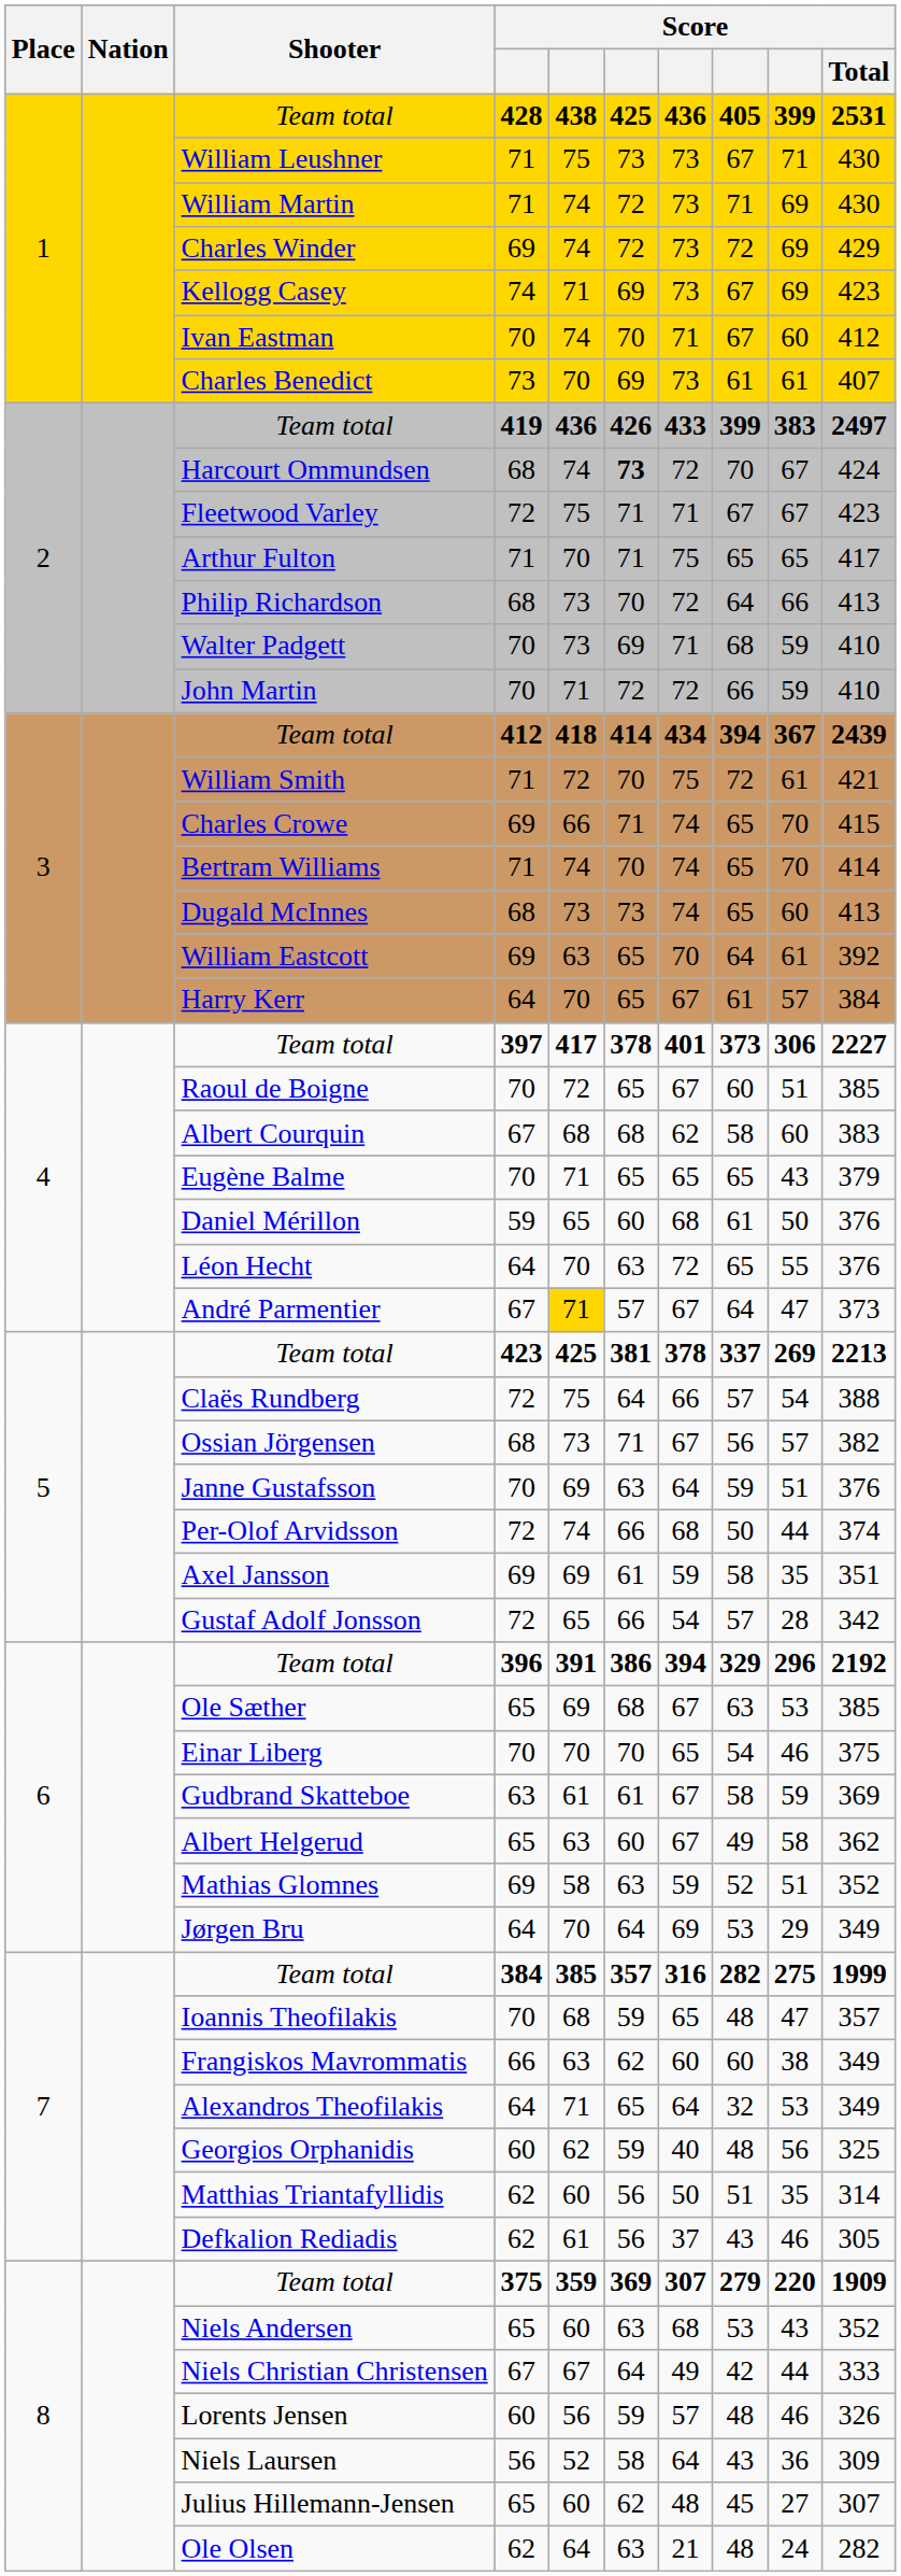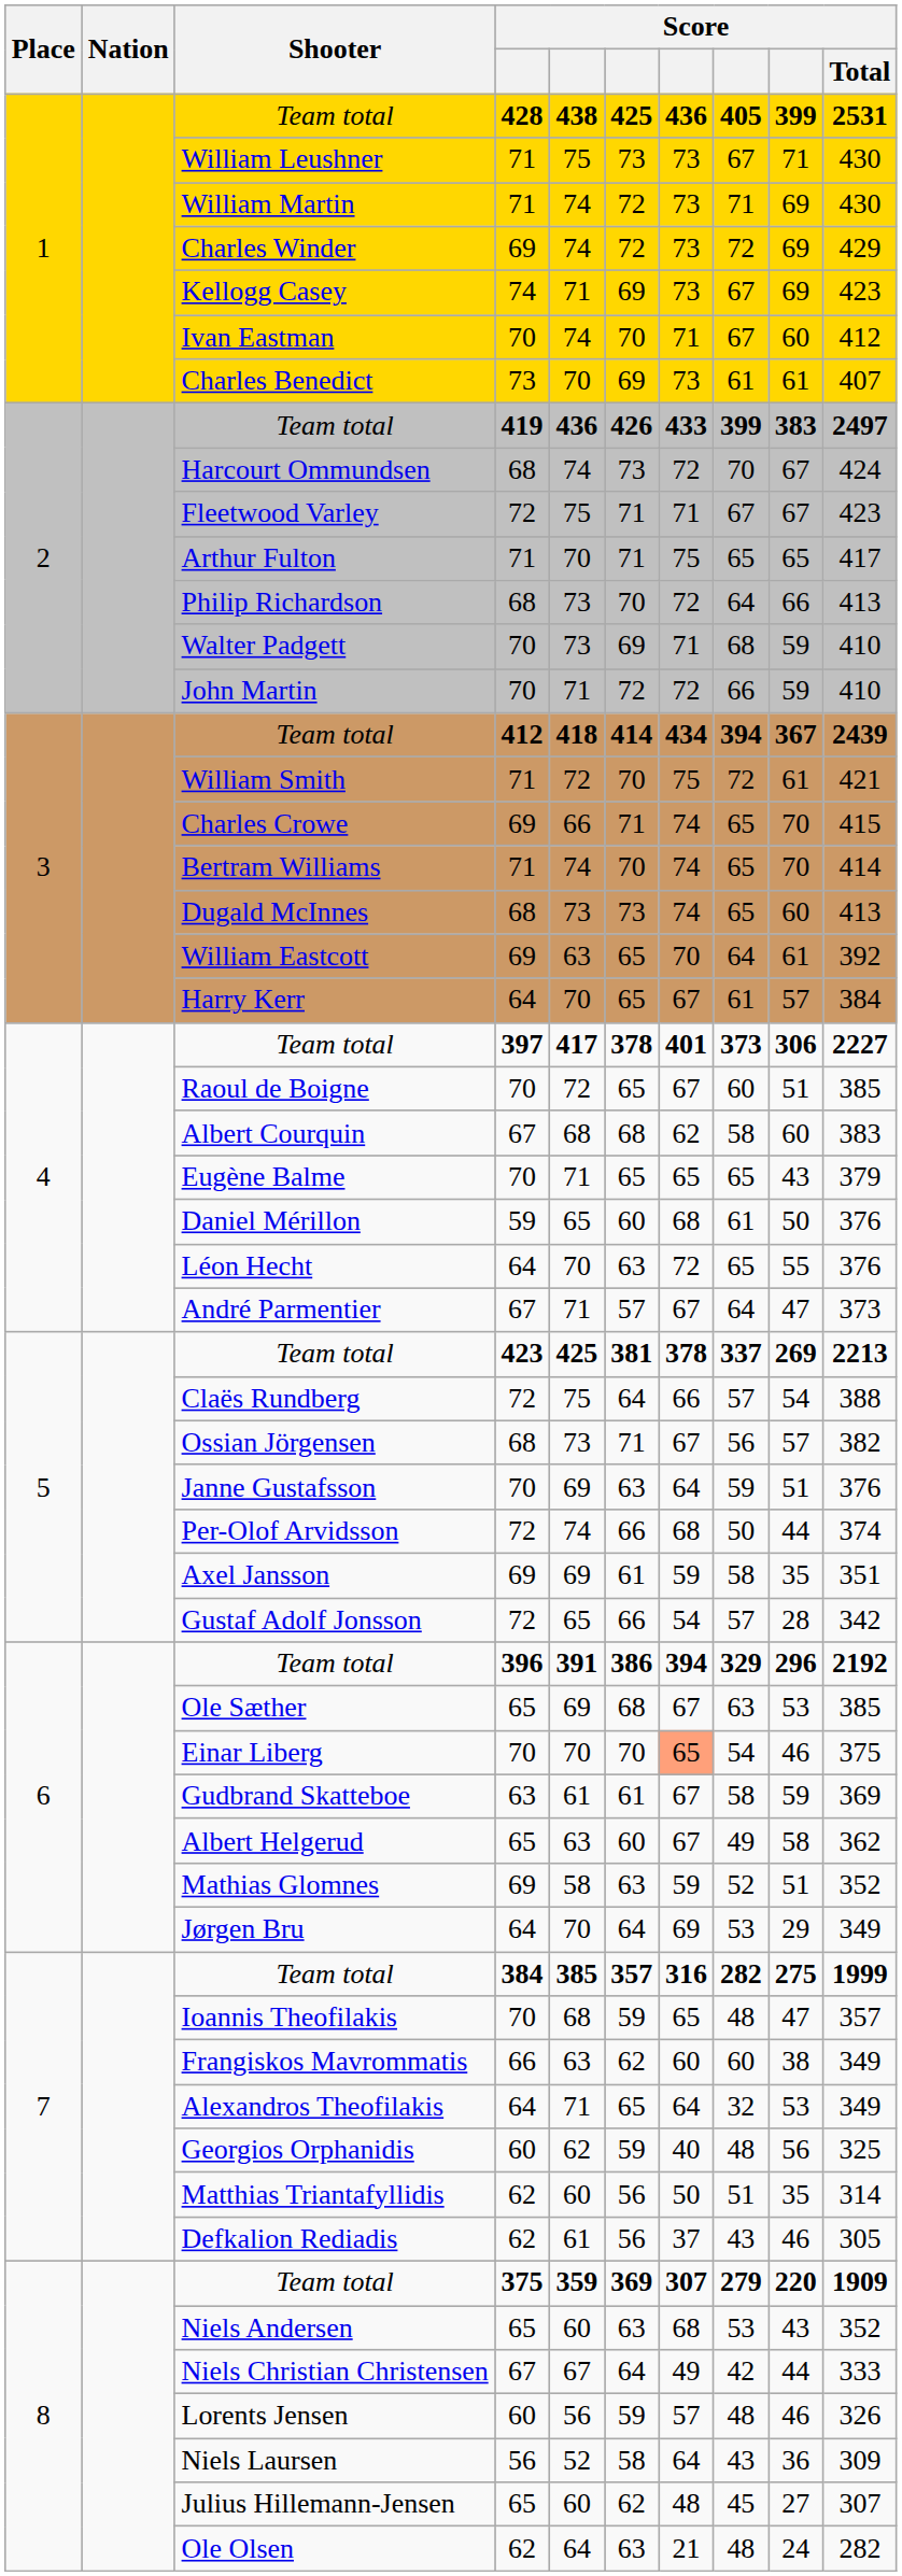 <table class=wikitable>
 <tr>
 <th rowspan=2>Place</th>
 <th rowspan=2>Nation</th>
 <th rowspan=2>Shooter</th>
 <th colspan=7>Score</th>
 </tr>
 <tr>
 <th></th>
 <th></th>
 <th></th>
 <th></th>
 <th></th>
 <th></th>
 <th>Total</th>
 </tr>
 <tr align=center bgcolor=gold>
 <td rowspan=7>1</td>
 <td rowspan=7 align=left></td>
 <td><em>Team total</em></td>
 <td><strong>428</strong></td>
 <td><strong>438</strong></td>
 <td><strong>425</strong></td>
 <td><strong>436</strong></td>
 <td><strong>405</strong></td>
 <td><strong>399</strong></td>
 <td><strong>2531</strong></td>
 </tr>
 <tr align=center bgcolor=gold>
 <td align=left><a href='#'>William Leushner</a></td>
 <td>71</td>
 <td>75</td>
 <td>73</td>
 <td>73</td>
 <td>67</td>
 <td>71</td>
 <td>430</td>
 </tr>
 <tr align=center bgcolor=gold>
 <td align=left><a href='#'>William Martin</a></td>
 <td>71</td>
 <td>74</td>
 <td>72</td>
 <td>73</td>
 <td>71</td>
 <td>69</td>
 <td>430</td>
 </tr>
 <tr align=center bgcolor=gold>
 <td align=left><a href='#'>Charles Winder</a></td>
 <td>69</td>
 <td>74</td>
 <td>72</td>
 <td>73</td>
 <td>72</td>
 <td>69</td>
 <td>429</td>
 </tr>
 <tr align=center bgcolor=gold>
 <td align=left><a href='#'>Kellogg Casey</a></td>
 <td>74</td>
 <td>71</td>
 <td>69</td>
 <td>73</td>
 <td>67</td>
 <td>69</td>
 <td>423</td>
 </tr>
 <tr align=center bgcolor=gold>
 <td align=left><a href='#'>Ivan Eastman</a></td>
 <td>70</td>
 <td>74</td>
 <td>70</td>
 <td>71</td>
 <td>67</td>
 <td>60</td>
 <td>412</td>
 </tr>
 <tr align=center bgcolor=gold>
 <td align=left><a href='#'>Charles Benedict</a></td>
 <td>73</td>
 <td>70</td>
 <td>69</td>
 <td>73</td>
 <td>61</td>
 <td>61</td>
 <td>407</td>
 </tr>
 <tr align=center bgcolor=silver>
 <td rowspan=7>2</td>
 <td rowspan=7 align=left></td>
 <td><em>Team total</em></td>
 <td><strong>419</strong></td>
 <td><strong>436</strong></td>
 <td><strong>426</strong></td>
 <td><strong>433</strong></td>
 <td><strong>399</strong></td>
 <td><strong>383</strong></td>
 <td><strong>2497</strong></td>
 </tr>
 <tr align=center bgcolor=silver>
 <td align=left><a href='#'>Harcourt Ommundsen</a></td>
 <td>68</td>
 <td>74</td>
-<td><strong>73</strong></td>
+<td>73</td>
 <td>72</td>
 <td>70</td>
 <td>67</td>
 <td>424</td>
 </tr>
 <tr align=center bgcolor=silver>
 <td align=left><a href='#'>Fleetwood Varley</a></td>
 <td>72</td>
 <td>75</td>
 <td>71</td>
 <td>71</td>
 <td>67</td>
 <td>67</td>
 <td>423</td>
 </tr>
 <tr align=center bgcolor=silver>
 <td align=left><a href='#'>Arthur Fulton</a></td>
 <td>71</td>
 <td>70</td>
 <td>71</td>
 <td>75</td>
 <td>65</td>
 <td>65</td>
 <td>417</td>
 </tr>
 <tr align=center bgcolor=silver>
 <td align=left><a href='#'>Philip Richardson</a></td>
 <td>68</td>
 <td>73</td>
 <td>70</td>
 <td>72</td>
 <td>64</td>
 <td>66</td>
 <td>413</td>
 </tr>
 <tr align=center bgcolor=silver>
 <td align=left><a href='#'>Walter Padgett</a></td>
 <td>70</td>
 <td>73</td>
 <td>69</td>
 <td>71</td>
 <td>68</td>
 <td>59</td>
 <td>410</td>
 </tr>
 <tr align=center bgcolor=silver>
 <td align=left><a href='#'>John Martin</a></td>
 <td>70</td>
 <td>71</td>
 <td>72</td>
 <td>72</td>
 <td>66</td>
 <td>59</td>
 <td>410</td>
 </tr>
 <tr align=center bgcolor=cc9966>
 <td rowspan=7>3</td>
 <td rowspan=7 align=left></td>
 <td><em>Team total</em></td>
 <td><strong>412</strong></td>
 <td><strong>418</strong></td>
 <td><strong>414</strong></td>
 <td><strong>434</strong></td>
 <td><strong>394</strong></td>
 <td><strong>367</strong></td>
 <td><strong>2439</strong></td>
 </tr>
 <tr align=center bgcolor=cc9966>
 <td align=left><a href='#'>William Smith</a></td>
 <td>71</td>
 <td>72</td>
 <td>70</td>
 <td>75</td>
 <td>72</td>
 <td>61</td>
 <td>421</td>
 </tr>
 <tr align=center bgcolor=cc9966>
 <td align=left><a href='#'>Charles Crowe</a></td>
 <td>69</td>
 <td>66</td>
 <td>71</td>
 <td>74</td>
 <td>65</td>
 <td>70</td>
 <td>415</td>
 </tr>
 <tr align=center bgcolor=cc9966>
 <td align=left><a href='#'>Bertram Williams</a></td>
 <td>71</td>
 <td>74</td>
 <td>70</td>
 <td>74</td>
 <td>65</td>
 <td>70</td>
 <td>414</td>
 </tr>
 <tr align=center bgcolor=cc9966>
 <td align=left><a href='#'>Dugald McInnes</a></td>
 <td>68</td>
 <td>73</td>
 <td>73</td>
 <td>74</td>
 <td>65</td>
 <td>60</td>
 <td>413</td>
 </tr>
 <tr align=center bgcolor=cc9966>
 <td align=left><a href='#'>William Eastcott</a></td>
 <td>69</td>
 <td>63</td>
 <td>65</td>
 <td>70</td>
 <td>64</td>
 <td>61</td>
 <td>392</td>
 </tr>
 <tr align=center bgcolor=cc9966>
 <td align=left><a href='#'>Harry Kerr</a></td>
 <td>64</td>
 <td>70</td>
 <td>65</td>
 <td>67</td>
 <td>61</td>
 <td>57</td>
 <td>384</td>
 </tr>
 <tr align=center>
 <td rowspan=7>4</td>
 <td rowspan=7 align=left></td>
 <td><em>Team total</em></td>
 <td><strong>397</strong></td>
 <td><strong>417</strong></td>
 <td><strong>378</strong></td>
 <td><strong>401</strong></td>
 <td><strong>373</strong></td>
 <td><strong>306</strong></td>
 <td><strong>2227</strong></td>
 </tr>
 <tr align=center>
 <td align=left><a href='#'>Raoul de Boigne</a></td>
 <td>70</td>
 <td>72</td>
 <td>65</td>
 <td>67</td>
 <td>60</td>
 <td>51</td>
 <td>385</td>
 </tr>
 <tr align=center>
 <td align=left><a href='#'>Albert Courquin</a></td>
 <td>67</td>
 <td>68</td>
 <td>68</td>
 <td>62</td>
 <td>58</td>
 <td>60</td>
 <td>383</td>
 </tr>
 <tr align=center>
 <td align=left><a href='#'>Eugène Balme</a></td>
 <td>70</td>
 <td>71</td>
 <td>65</td>
 <td>65</td>
 <td>65</td>
 <td>43</td>
 <td>379</td>
 </tr>
 <tr align=center>
 <td align=left><a href='#'>Daniel Mérillon</a></td>
 <td>59</td>
 <td>65</td>
 <td>60</td>
 <td>68</td>
 <td>61</td>
 <td>50</td>
 <td>376</td>
 </tr>
 <tr align=center>
 <td align=left><a href='#'>Léon Hecht</a></td>
 <td>64</td>
 <td>70</td>
 <td>63</td>
 <td>72</td>
 <td>65</td>
 <td>55</td>
 <td>376</td>
 </tr>
 <tr align=center>
 <td align=left><a href='#'>André Parmentier</a></td>
 <td>67</td>
-<td style="background: gold;">71</td>
+<td>71</td>
 <td>57</td>
 <td>67</td>
 <td>64</td>
 <td>47</td>
 <td>373</td>
 </tr>
 <tr align=center>
 <td rowspan=7>5</td>
 <td rowspan=7 align=left></td>
 <td><em>Team total</em></td>
 <td><strong>423</strong></td>
 <td><strong>425</strong></td>
 <td><strong>381</strong></td>
 <td><strong>378</strong></td>
 <td><strong>337</strong></td>
 <td><strong>269</strong></td>
 <td><strong>2213</strong></td>
 </tr>
 <tr align=center>
 <td align=left><a href='#'>Claës Rundberg</a></td>
 <td>72</td>
 <td>75</td>
 <td>64</td>
 <td>66</td>
 <td>57</td>
 <td>54</td>
 <td>388</td>
 </tr>
 <tr align=center>
 <td align=left><a href='#'>Ossian Jörgensen</a></td>
 <td>68</td>
 <td>73</td>
 <td>71</td>
 <td>67</td>
 <td>56</td>
 <td>57</td>
 <td>382</td>
 </tr>
 <tr align=center>
 <td align=left><a href='#'>Janne Gustafsson</a></td>
 <td>70</td>
 <td>69</td>
 <td>63</td>
 <td>64</td>
 <td>59</td>
 <td>51</td>
 <td>376</td>
 </tr>
 <tr align=center>
 <td align=left><a href='#'>Per-Olof Arvidsson</a></td>
 <td>72</td>
 <td>74</td>
 <td>66</td>
 <td>68</td>
 <td>50</td>
 <td>44</td>
 <td>374</td>
 </tr>
 <tr align=center>
 <td align=left><a href='#'>Axel Jansson</a></td>
 <td>69</td>
 <td>69</td>
 <td>61</td>
 <td>59</td>
 <td>58</td>
 <td>35</td>
 <td>351</td>
 </tr>
 <tr align=center>
 <td align=left><a href='#'>Gustaf Adolf Jonsson</a></td>
 <td>72</td>
 <td>65</td>
 <td>66</td>
 <td>54</td>
 <td>57</td>
 <td>28</td>
 <td>342</td>
 </tr>
 <tr align=center>
 <td rowspan=7>6</td>
 <td rowspan=7 align=left></td>
 <td><em>Team total</em></td>
 <td><strong>396</strong></td>
 <td><strong>391</strong></td>
 <td><strong>386</strong></td>
 <td><strong>394</strong></td>
 <td><strong>329</strong></td>
 <td><strong>296</strong></td>
 <td><strong>2192</strong></td>
 </tr>
 <tr align=center>
 <td align=left><a href='#'>Ole Sæther</a></td>
 <td>65</td>
 <td>69</td>
 <td>68</td>
 <td>67</td>
 <td>63</td>
 <td>53</td>
 <td>385</td>
 </tr>
 <tr align=center>
 <td align=left><a href='#'>Einar Liberg</a></td>
 <td>70</td>
 <td>70</td>
 <td>70</td>
-<td>65</td>
+<td style="background: lightsalmon;">65</td>
 <td>54</td>
 <td>46</td>
 <td>375</td>
 </tr>
 <tr align=center>
 <td align=left><a href='#'>Gudbrand Skatteboe</a></td>
 <td>63</td>
 <td>61</td>
 <td>61</td>
 <td>67</td>
 <td>58</td>
 <td>59</td>
 <td>369</td>
 </tr>
 <tr align=center>
 <td align=left><a href='#'>Albert Helgerud</a></td>
 <td>65</td>
 <td>63</td>
 <td>60</td>
 <td>67</td>
 <td>49</td>
 <td>58</td>
 <td>362</td>
 </tr>
 <tr align=center>
 <td align=left><a href='#'>Mathias Glomnes</a></td>
 <td>69</td>
 <td>58</td>
 <td>63</td>
 <td>59</td>
 <td>52</td>
 <td>51</td>
 <td>352</td>
 </tr>
 <tr align=center>
 <td align=left><a href='#'>Jørgen Bru</a></td>
 <td>64</td>
 <td>70</td>
 <td>64</td>
 <td>69</td>
 <td>53</td>
 <td>29</td>
 <td>349</td>
 </tr>
 <tr align=center>
 <td rowspan=7>7</td>
 <td rowspan=7 align=left></td>
 <td><em>Team total</em></td>
 <td><strong>384</strong></td>
 <td><strong>385</strong></td>
 <td><strong>357</strong></td>
 <td><strong>316</strong></td>
 <td><strong>282</strong></td>
 <td><strong>275</strong></td>
 <td><strong>1999</strong></td>
 </tr>
 <tr align=center>
 <td align=left><a href='#'>Ioannis Theofilakis</a></td>
 <td>70</td>
 <td>68</td>
 <td>59</td>
 <td>65</td>
 <td>48</td>
 <td>47</td>
 <td>357</td>
 </tr>
 <tr align=center>
 <td align=left><a href='#'>Frangiskos Mavrommatis</a></td>
 <td>66</td>
 <td>63</td>
 <td>62</td>
 <td>60</td>
 <td>60</td>
 <td>38</td>
 <td>349</td>
 </tr>
 <tr align=center>
 <td align=left><a href='#'>Alexandros Theofilakis</a></td>
 <td>64</td>
 <td>71</td>
 <td>65</td>
 <td>64</td>
 <td>32</td>
 <td>53</td>
 <td>349</td>
 </tr>
 <tr align=center>
 <td align=left><a href='#'>Georgios Orphanidis</a></td>
 <td>60</td>
 <td>62</td>
 <td>59</td>
 <td>40</td>
 <td>48</td>
 <td>56</td>
 <td>325</td>
 </tr>
 <tr align=center>
 <td align=left><a href='#'>Matthias Triantafyllidis</a></td>
 <td>62</td>
 <td>60</td>
 <td>56</td>
 <td>50</td>
 <td>51</td>
 <td>35</td>
 <td>314</td>
 </tr>
 <tr align=center>
 <td align=left><a href='#'>Defkalion Rediadis</a></td>
 <td>62</td>
 <td>61</td>
 <td>56</td>
 <td>37</td>
 <td>43</td>
 <td>46</td>
 <td>305</td>
 </tr>
 <tr align=center>
 <td rowspan=7>8</td>
 <td rowspan=7 align=left></td>
 <td><em>Team total</em></td>
 <td><strong>375</strong></td>
 <td><strong>359</strong></td>
 <td><strong>369</strong></td>
 <td><strong>307</strong></td>
 <td><strong>279</strong></td>
 <td><strong>220</strong></td>
 <td><strong>1909</strong></td>
 </tr>
 <tr align=center>
 <td align=left><a href='#'>Niels Andersen</a></td>
 <td>65</td>
 <td>60</td>
 <td>63</td>
 <td>68</td>
 <td>53</td>
 <td>43</td>
 <td>352</td>
 </tr>
 <tr align=center>
 <td align=left><a href='#'>Niels Christian Christensen</a></td>
 <td>67</td>
 <td>67</td>
 <td>64</td>
 <td>49</td>
 <td>42</td>
 <td>44</td>
 <td>333</td>
 </tr>
 <tr align=center>
 <td align=left>Lorents Jensen</td>
 <td>60</td>
 <td>56</td>
 <td>59</td>
 <td>57</td>
 <td>48</td>
 <td>46</td>
 <td>326</td>
 </tr>
 <tr align=center>
 <td align=left>Niels Laursen</td>
 <td>56</td>
 <td>52</td>
 <td>58</td>
 <td>64</td>
 <td>43</td>
 <td>36</td>
 <td>309</td>
 </tr>
 <tr align=center>
 <td align=left>Julius Hillemann-Jensen</td>
 <td>65</td>
 <td>60</td>
 <td>62</td>
 <td>48</td>
 <td>45</td>
 <td>27</td>
 <td>307</td>
 </tr>
 <tr align=center>
 <td align=left><a href='#'>Ole Olsen</a></td>
 <td>62</td>
 <td>64</td>
 <td>63</td>
 <td>21</td>
 <td>48</td>
 <td>24</td>
 <td>282</td>
 </tr>
 </table>
